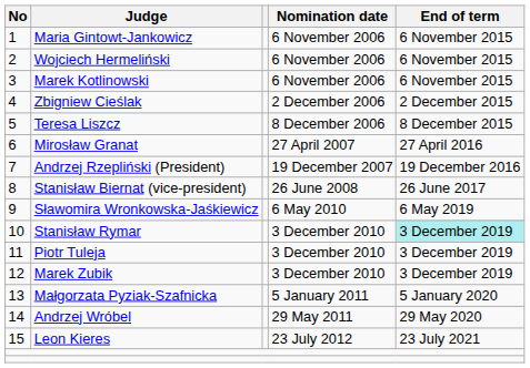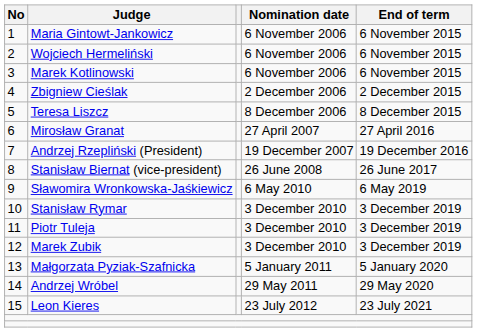 <table class="wikitable" align=right style="font-size:90%;line-height:15px;">
 <tr>
 <th>No</th>
 <th>Judge</th>
 <th></th>
 <th>Nomination date</th>
 <th>End of term</th>
 </tr>
 <tr>
 <td>1</td>
 <td><a href='#'>Maria Gintowt-Jankowicz</a></td>
 <td></td>
 <td data-sort-value="2006-11-06">6 November 2006</td>
 <td data-sort-value="2015-11-06">6 November 2015</td>
 </tr>
 <tr>
 <td>2</td>
 <td><a href='#'>Wojciech Hermeliński</a></td>
 <td></td>
 <td data-sort-value="2006-11-06">6 November 2006</td>
 <td data-sort-value="2015-11-06">6 November 2015</td>
 </tr>
 <tr>
 <td>3</td>
 <td><a href='#'>Marek Kotlinowski</a></td>
 <td></td>
 <td data-sort-value="2006-11-06">6 November 2006</td>
 <td data-sort-value="2015-11-06">6 November 2015</td>
 </tr>
 <tr>
 <td>4</td>
 <td><a href='#'>Zbigniew Cieślak</a></td>
 <td></td>
 <td data-sort-value="2006-12-02">2 December 2006</td>
 <td data-sort-value="2015-12-02">2 December 2015</td>
 </tr>
 <tr>
 <td>5</td>
 <td><a href='#'>Teresa Liszcz</a></td>
 <td></td>
 <td data-sort-value="2006-12-08">8 December 2006</td>
 <td data-sort-value="2015-12-08">8 December 2015</td>
 </tr>
 <tr>
 <td>6</td>
 <td><a href='#'>Mirosław Granat</a></td>
 <td></td>
 <td data-sort-value="2007-04-27">27 April 2007</td>
 <td data-sort-value="2016-04-27">27 April 2016</td>
 </tr>
 <tr>
 <td>7</td>
 <td><a href='#'>Andrzej Rzepliński</a> (President)</td>
 <td></td>
 <td data-sort-value="2007-12-19">19 December 2007</td>
 <td data-sort-value="2016-12-16">19 December 2016</td>
 </tr>
 <tr>
 <td>8</td>
 <td><a href='#'>Stanisław Biernat</a> (vice-president)</td>
 <td></td>
 <td data-sort-value="2008-06-26">26 June 2008</td>
 <td data-sort-value="2017-06-26">26 June 2017</td>
 </tr>
 <tr>
 <td>9</td>
 <td><a href='#'>Sławomira Wronkowska-Jaśkiewicz</a></td>
 <td></td>
 <td data-sort-value="2010-05-06">6 May 2010</td>
 <td data-sort-value="2019-05-06">6 May 2019</td>
 </tr>
 <tr>
 <td>10</td>
 <td><a href='#'>Stanisław Rymar</a></td>
 <td></td>
 <td data-sort-value="2010-12-03">3 December 2010</td>
-<td data-sort-value="2019-12-03" style="background: paleturquoise;">3 December 2019</td>
+<td data-sort-value="2019-12-03">3 December 2019</td>
 </tr>
 <tr>
 <td>11</td>
 <td><a href='#'>Piotr Tuleja</a></td>
 <td></td>
 <td data-sort-value="2010-12-03">3 December 2010</td>
 <td data-sort-value="2019-12-03">3 December 2019</td>
 </tr>
 <tr>
 <td>12</td>
 <td><a href='#'>Marek Zubik</a></td>
 <td></td>
 <td data-sort-value="2010-12-03">3 December 2010</td>
 <td data-sort-value="2019-12-03">3 December 2019</td>
 </tr>
 <tr>
 <td>13</td>
 <td><a href='#'>Małgorzata Pyziak-Szafnicka</a></td>
 <td></td>
 <td data-sort-value="2011-01-05">5 January 2011</td>
 <td data-sort-value="2020-01-05">5 January 2020</td>
 </tr>
 <tr>
 <td>14</td>
 <td><a href='#'>Andrzej Wróbel</a></td>
 <td></td>
 <td data-sort-value="2011-05-29">29 May 2011</td>
 <td data-sort-value="2020-05-29">29 May 2020</td>
 </tr>
 <tr>
 <td>15</td>
 <td><a href='#'>Leon Kieres</a></td>
 <td></td>
 <td data-sort-value="2012-07-23">23 July 2012</td>
 <td data-sort-value="2021-07-23">23 July 2021</td>
 </tr>
 <tr>
 <td colspan=5></td>
 </tr>
 <tr>
 <td colspan=5></td>
 </tr>
 </table>
